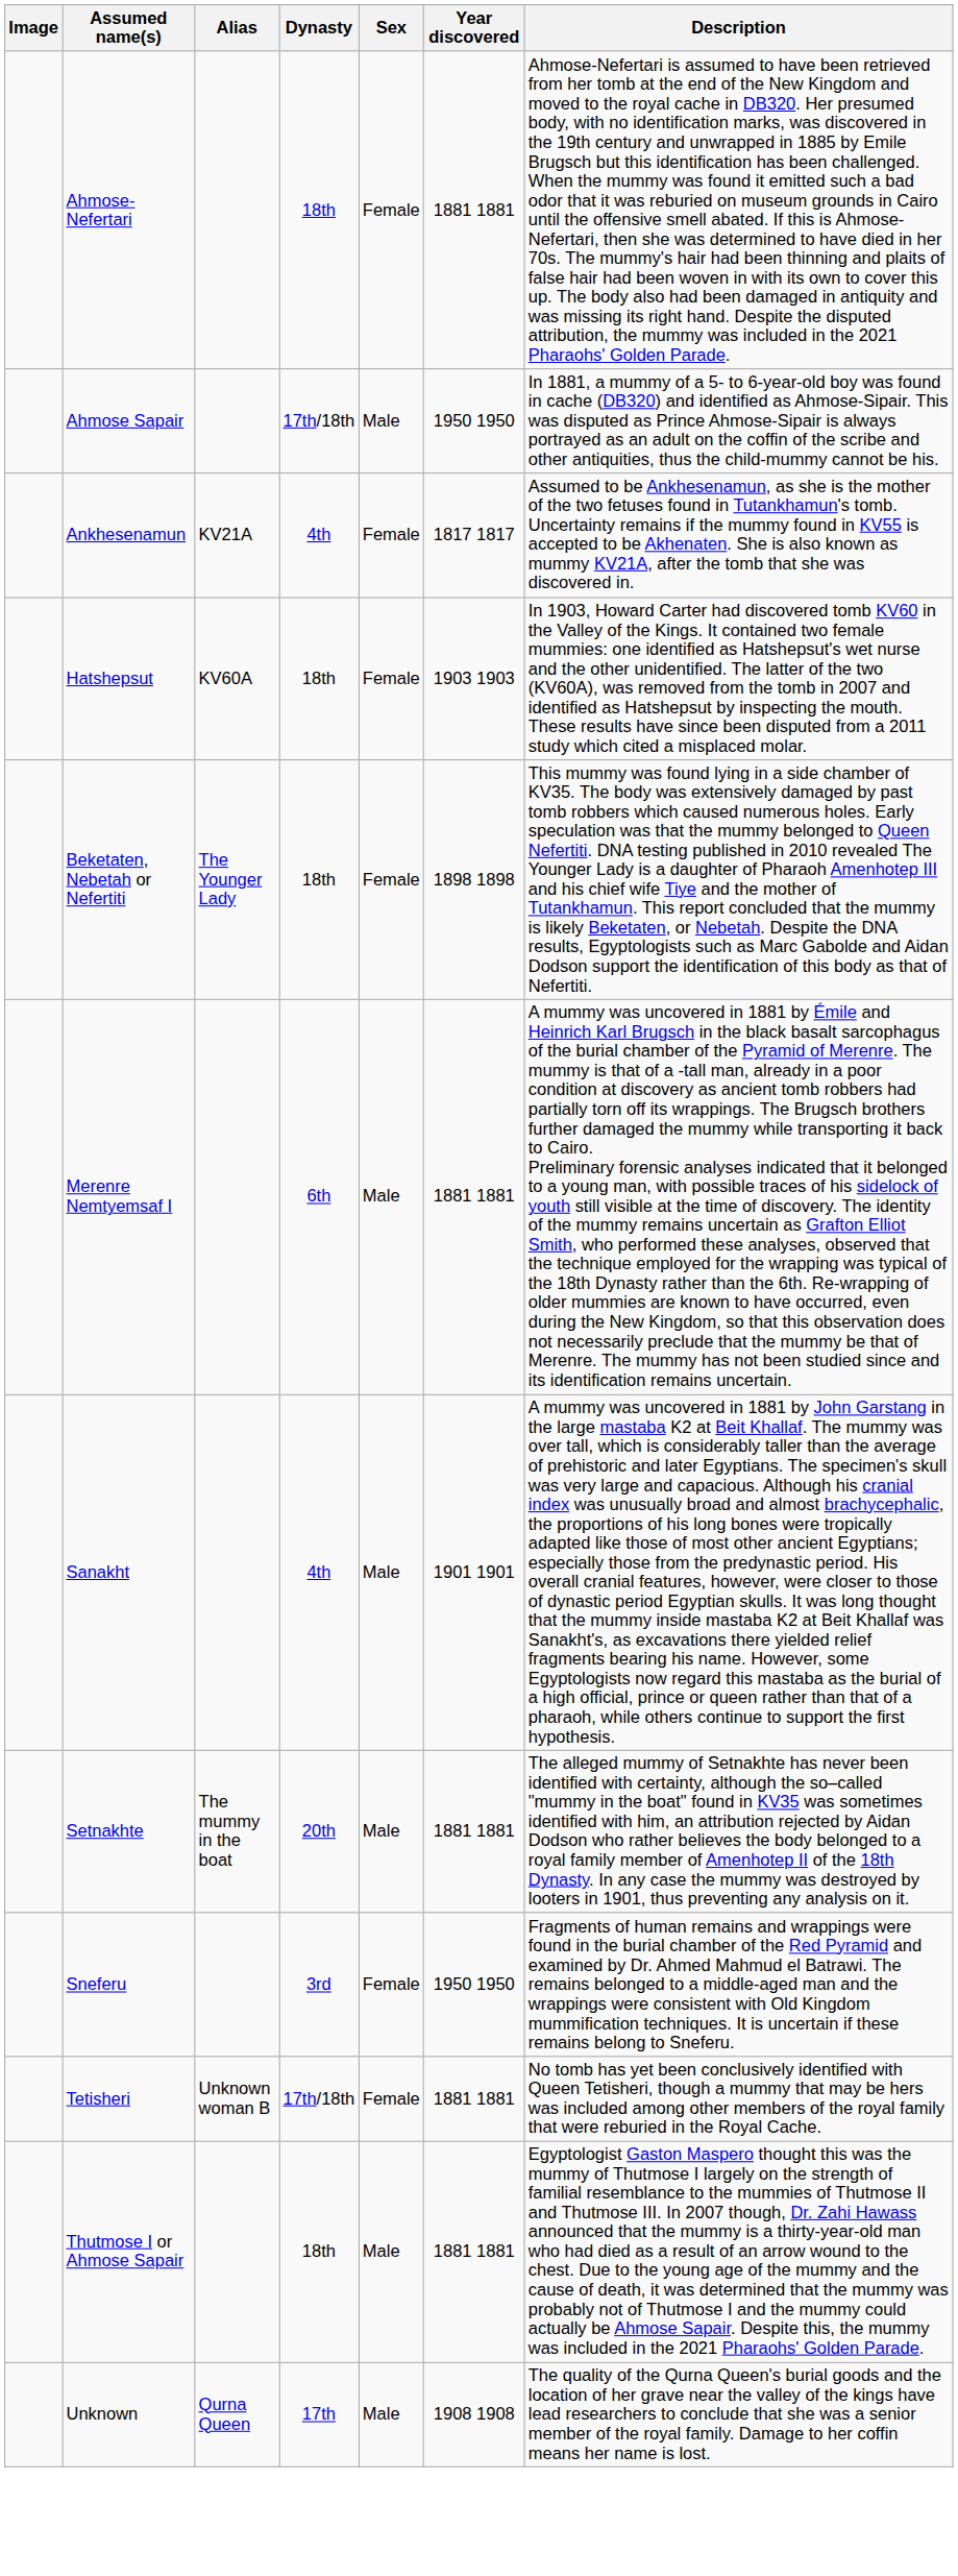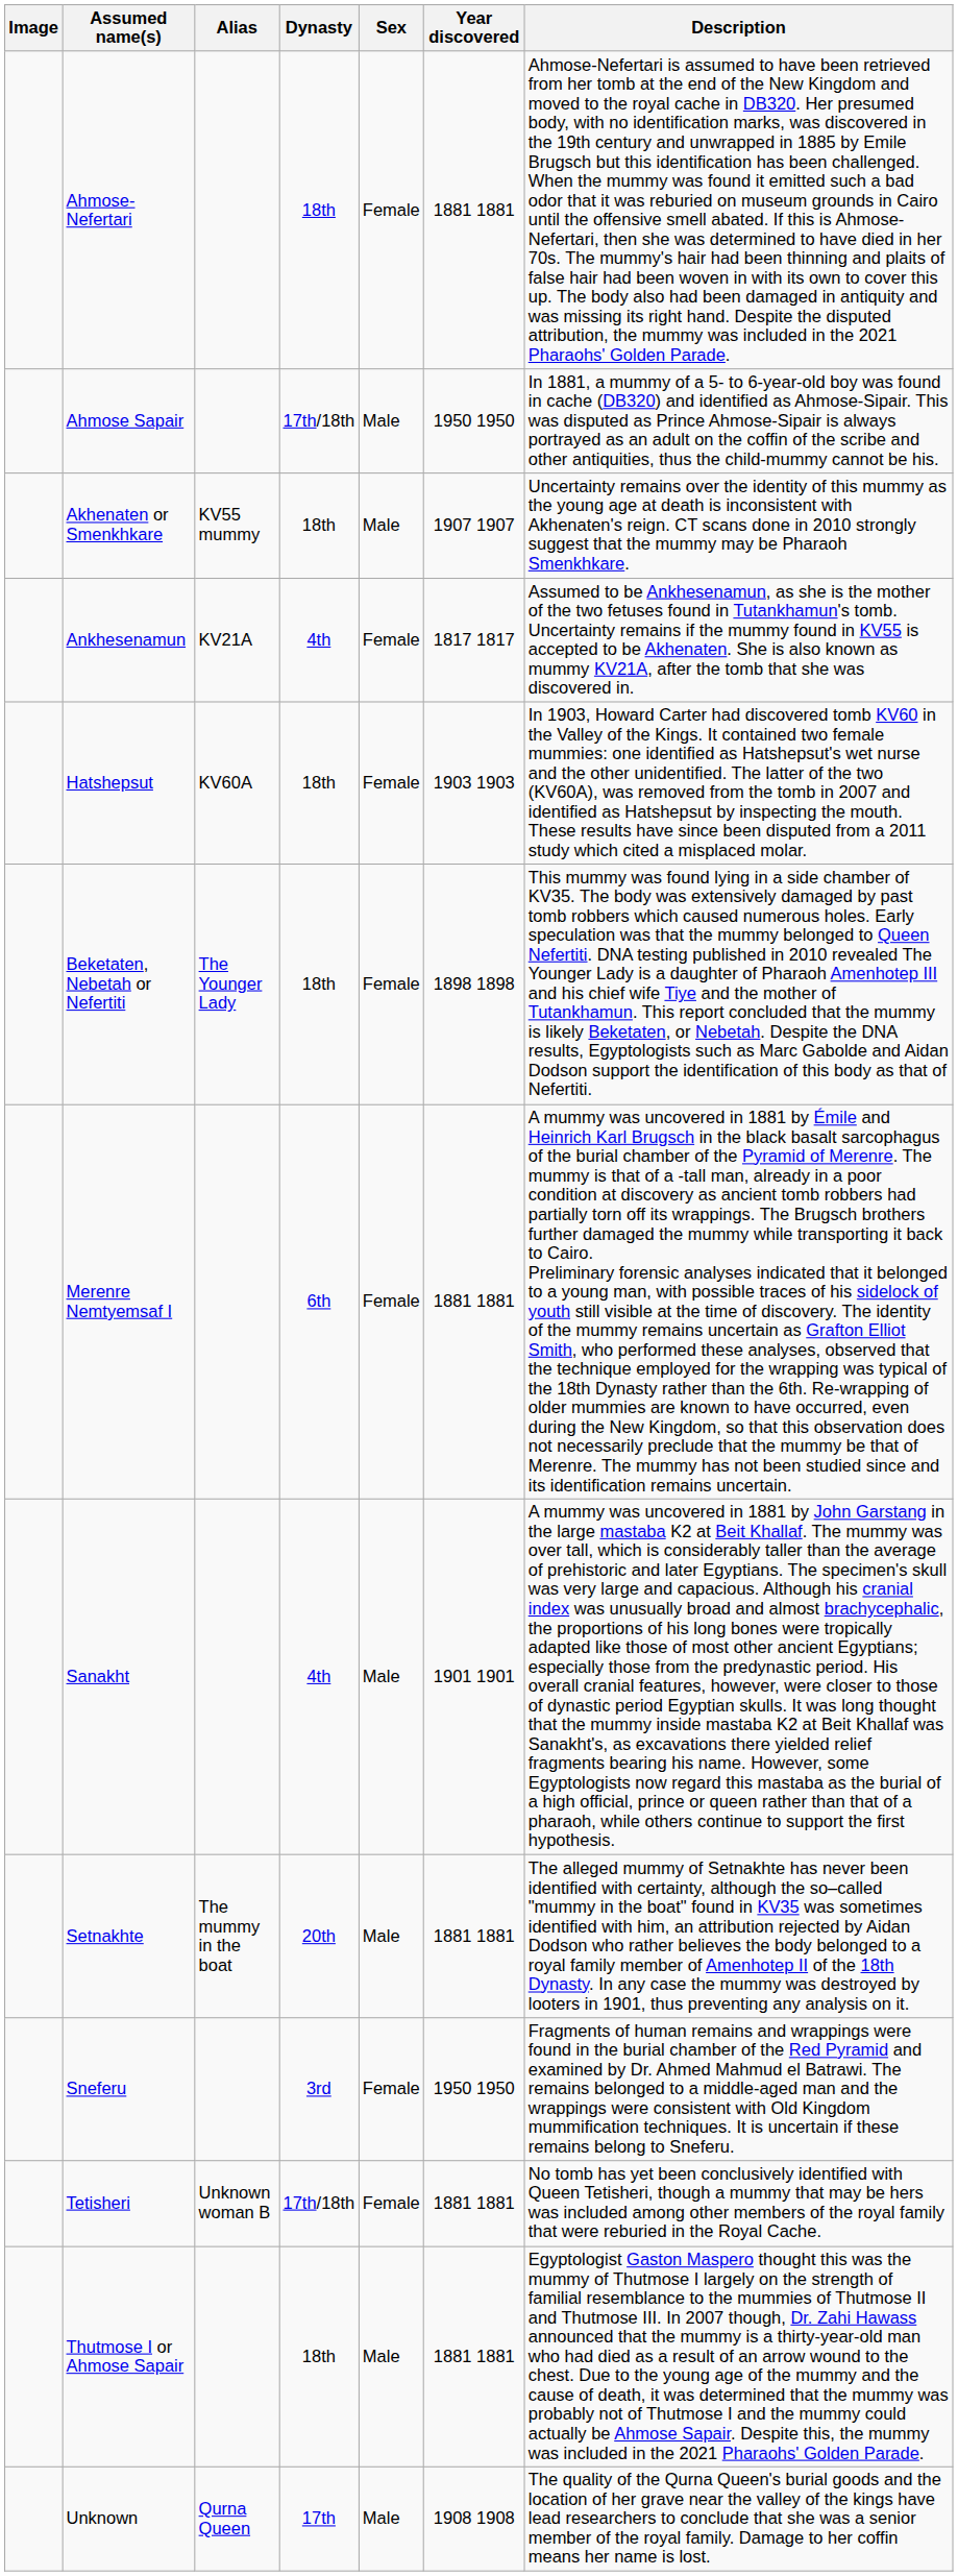 <table class="wikitable sortable" style="width: 100%;">
 <tr>
 <th scope="col" class="unsortable">Image</th>
 <th scope="col">Assumed name(s)</th>
 <th scope="col">Alias</th>
 <th scope="col">Dynasty</th>
 <th scope="col">Sex</th>
 <th scope="col">Year discovered</th>
 <th scope="col" class="unsortable">Description </th>
 </tr>
 <tr>
 <td></td>
 <td><a href='#'>Ahmose-Nefertari</a></td>
 <td></td>
 <td style="text-align: center;"><a href='#'>18th</a></td>
 <td>Female</td>
 <td style="text-align: center;"><span>1881</span> 1881</td>
 <td>Ahmose-Nefertari is assumed to have been retrieved from her tomb at the end of the New Kingdom and moved to the royal cache in <a href='#'>DB320</a>. Her presumed body, with no identification marks, was discovered in the 19th century and unwrapped in 1885 by Emile Brugsch but this identification has been challenged. When the mummy was found it emitted such a bad odor that it was reburied on museum grounds in Cairo until the offensive smell abated. If this is  Ahmose-Nefertari, then she was determined to have died in her 70s. The mummy's hair had been thinning and plaits of false hair had been woven in with its own to cover this up. The body also had been damaged in antiquity and was missing its right hand. Despite the disputed attribution, the mummy was included in the 2021 <a href='#'>Pharaohs' Golden Parade</a>.</td>
 </tr>
 <tr>
 <td></td>
 <td><a href='#'>Ahmose Sapair</a></td>
 <td></td>
 <td style="text-align: center;"><a href='#'>17th</a>/18th</td>
 <td>Male</td>
 <td style="text-align: center;"><span>1950</span> 1950</td>
 <td>In 1881, a mummy of a 5- to 6-year-old boy was found in cache (<a href='#'>DB320</a>) and identified as Ahmose-Sipair. This was disputed as Prince Ahmose-Sipair is always portrayed as an adult on the coffin of the scribe and other antiquities, thus the child-mummy cannot be his.</td>
+</tr>
+<tr>
+<td></td>
+<td><a href='#'>Akhenaten</a> or <a href='#'>Smenkhkare</a></td>
+<td>KV55 mummy</td>
+<td style="text-align: center;">18th</td>
+<td>Male</td>
+<td style="text-align: center;"><span>1907</span> 1907</td>
+<td>Uncertainty remains over the identity of this mummy as the young age at death is inconsistent with Akhenaten's reign. CT scans done in 2010 strongly suggest that the mummy may be Pharaoh <a href='#'>Smenkhkare</a>.</td>
 </tr>
 <tr>
 <td></td>
 <td><a href='#'>Ankhesenamun</a></td>
 <td>KV21A</td>
 <td style="text-align: center;"><a href='#'>4th</a></td>
 <td>Female</td>
 <td style="text-align: center;"><span>1817</span> 1817</td>
 <td>Assumed to be <a href='#'>Ankhesenamun</a>, as she is the mother of the two fetuses found in <a href='#'>Tutankhamun</a>'s tomb. Uncertainty remains if the mummy found in <a href='#'>KV55</a> is accepted to be <a href='#'>Akhenaten</a>. She is also known as mummy <a href='#'>KV21A</a>, after the tomb that she was discovered in.</td>
 </tr>
 <tr>
 <td></td>
 <td><a href='#'>Hatshepsut</a></td>
 <td>KV60A</td>
 <td style="text-align: center;">18th</td>
 <td>Female</td>
 <td style="text-align: center;"><span>1903</span> 1903</td>
 <td>In 1903, Howard Carter had discovered tomb <a href='#'>KV60</a> in the Valley of the Kings. It contained two female mummies: one identified as Hatshepsut's wet nurse and the other unidentified. The latter of the two (KV60A), was removed from the tomb in 2007 and identified as Hatshepsut by inspecting the mouth. These results have since been disputed from a 2011 study which cited a misplaced molar.</td>
 </tr>
 <tr>
 <td></td>
 <td><a href='#'>Beketaten</a>, <a href='#'>Nebetah</a> or <a href='#'>Nefertiti</a></td>
 <td><a href='#'>The Younger Lady</a></td>
 <td style="text-align: center;">18th</td>
 <td>Female</td>
 <td style="text-align: center;"><span>1898</span> 1898</td>
 <td>This mummy was found lying in a side chamber of KV35. The body was extensively damaged by past tomb robbers which caused numerous holes. Early speculation was that the mummy belonged to <a href='#'>Queen Nefertiti</a>. DNA testing published in 2010 revealed The Younger Lady is a daughter of Pharaoh <a href='#'>Amenhotep III</a> and his chief wife <a href='#'>Tiye</a> and the mother of <a href='#'>Tutankhamun</a>. This report concluded that the mummy is likely <a href='#'>Beketaten</a>, or <a href='#'>Nebetah</a>. Despite the DNA results, Egyptologists such as Marc Gabolde and Aidan Dodson support the identification of this body as that of Nefertiti.</td>
 </tr>
 <tr>
 <td></td>
 <td><a href='#'>Merenre Nemtyemsaf I</a></td>
 <td></td>
 <td style="text-align: center;"><a href='#'>6th</a></td>
-<td>Male</td>
+<td>Female</td>
 <td style="text-align: center;"><span>1881</span> 1881</td>
 <td>A mummy was uncovered in 1881 by <a href='#'>Émile</a> and <a href='#'>Heinrich Karl Brugsch</a> in the black basalt sarcophagus of the burial chamber of the <a href='#'>Pyramid of Merenre</a>. The mummy is that of a -tall man, already in a poor condition at discovery as ancient tomb robbers had partially torn off its wrappings. The Brugsch brothers further damaged the mummy while transporting it back to Cairo.<br>Preliminary forensic analyses indicated that it belonged to a young man, with possible traces of his <a href='#'>sidelock of youth</a> still visible at the time of discovery. The identity of the mummy remains uncertain as <a href='#'>Grafton Elliot Smith</a>, who performed these analyses, observed that the technique employed for the wrapping was typical of the 18th Dynasty rather than the 6th. Re-wrapping of older mummies are known to have occurred, even during the New Kingdom, so that this observation does not necessarily preclude that the mummy be that of Merenre. The mummy has not been studied since and its identification remains uncertain.</td>
 </tr>
 <tr>
 <td></td>
 <td><a href='#'>Sanakht</a></td>
 <td></td>
 <td style="text-align: center;"><a href='#'>4th</a></td>
 <td>Male</td>
 <td style="text-align: center;"><span>1901</span> 1901</td>
 <td>A mummy was uncovered in 1881 by <a href='#'>John Garstang</a> in the large <a href='#'>mastaba</a> K2 at <a href='#'>Beit Khallaf</a>. The mummy was over  tall, which is considerably taller than the  average of prehistoric and later Egyptians. The specimen's skull was very large and capacious. Although his <a href='#'>cranial index</a> was unusually broad and almost <a href='#'>brachycephalic</a>, the proportions of his long bones were tropically adapted like those of most other ancient Egyptians; especially those from the predynastic period. His overall cranial features, however, were closer to those of dynastic period Egyptian skulls. It was long thought that the mummy inside mastaba K2 at Beit Khallaf was Sanakht's, as excavations there yielded relief fragments bearing his name. However, some Egyptologists now regard this mastaba as the burial of a high official, prince or queen rather than that of a pharaoh, while others continue to support the first hypothesis.</td>
 </tr>
 <tr>
 <td></td>
 <td><a href='#'>Setnakhte</a></td>
 <td>The mummy in the boat</td>
 <td style="text-align: center;"><a href='#'>20th</a></td>
 <td>Male</td>
 <td style="text-align: center;"><span>1881</span> 1881</td>
 <td>The alleged mummy of Setnakhte has never been identified with certainty, although the so–called "mummy in the boat" found in <a href='#'>KV35</a> was sometimes identified with him, an attribution rejected by Aidan Dodson who rather believes the body belonged to a royal family member of <a href='#'>Amenhotep II</a> of the <a href='#'>18th Dynasty</a>. In any case the mummy was destroyed by looters in 1901, thus preventing any analysis on it.</td>
 </tr>
 <tr>
 <td></td>
 <td><a href='#'>Sneferu</a></td>
 <td></td>
 <td style="text-align: center;"><a href='#'>3rd</a></td>
 <td>Female</td>
 <td style="text-align: center;"><span>1950</span> 1950</td>
 <td>Fragments of human remains and wrappings were found in the burial chamber of the <a href='#'>Red Pyramid</a> and examined by Dr. Ahmed Mahmud el Batrawi. The remains belonged to a middle-aged man and the wrappings were consistent with Old Kingdom mummification techniques. It is uncertain if these remains belong to Sneferu.</td>
 </tr>
 <tr>
 <td></td>
 <td><a href='#'>Tetisheri</a></td>
 <td>Unknown woman B</td>
 <td style="text-align: center;"><a href='#'>17th</a>/18th</td>
 <td>Female</td>
 <td style="text-align: center;"><span>1881</span> 1881</td>
 <td>No tomb has yet been conclusively identified with Queen Tetisheri, though a mummy that may be hers was included among other members of the royal family that were reburied in the Royal Cache.</td>
 </tr>
 <tr>
 <td></td>
 <td><a href='#'>Thutmose I</a> or <a href='#'>Ahmose Sapair</a></td>
 <td></td>
 <td style="text-align: center;">18th</td>
 <td>Male</td>
 <td style="text-align: center;"><span>1881</span> 1881</td>
 <td>Egyptologist <a href='#'>Gaston Maspero</a> thought this was the mummy of Thutmose I largely on the strength of familial resemblance to the mummies of Thutmose II and Thutmose III. In 2007 though, <a href='#'>Dr. Zahi Hawass</a> announced that the mummy is a thirty-year-old man who had died as a result of an arrow wound to the chest. Due to the young age of the mummy and the cause of death, it was determined that the mummy was probably not of Thutmose I and the mummy could actually be <a href='#'>Ahmose Sapair</a>. Despite this, the mummy was included in the 2021 <a href='#'>Pharaohs' Golden Parade</a>.</td>
 </tr>
 <tr>
 <td></td>
 <td>Unknown</td>
 <td><a href='#'>Qurna Queen</a></td>
 <td style="text-align: center;"><a href='#'>17th</a></td>
 <td>Male</td>
 <td style="text-align: center;"><span>1908</span> 1908</td>
 <td>The quality of the Qurna Queen's burial goods and the location of her grave near the valley of the kings have lead researchers to conclude that she was a senior member of the royal family. Damage to her coffin means her name is lost.</td>
 </tr>
 </table>
